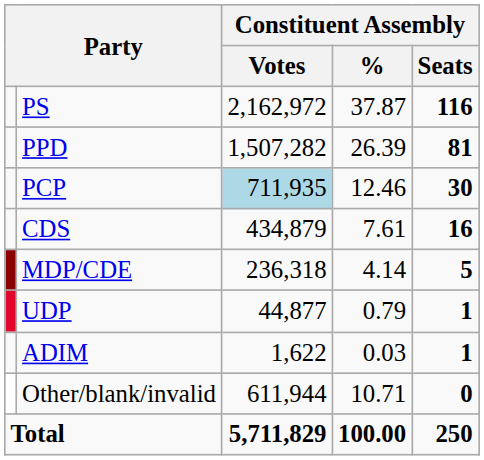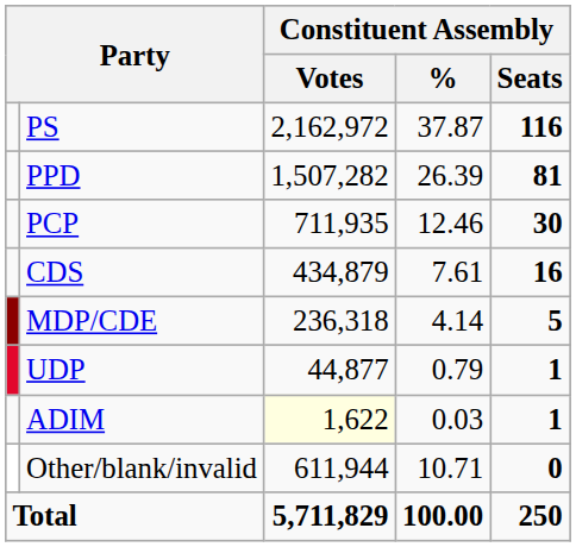 <table class="wikitable" style="text-align:right; font-size:95%;">
 <tr>
 <th colspan="2" rowspan="2">Party</th>
 <th colspan="3">Constituent Assembly</th>
 </tr>
 <tr>
 <th>Votes</th>
 <th>%</th>
 <th>Seats</th>
 </tr>
 <tr>
 <td style="background:"></td>
 <td align="left"><a href='#'>PS</a></td>
 <td>2,162,972</td>
 <td>37.87</td>
 <td><strong>116</strong></td>
 </tr>
 <tr>
 <td style="background:"></td>
 <td align="left"><a href='#'>PPD</a></td>
 <td>1,507,282</td>
 <td>26.39</td>
 <td><strong>81</strong></td>
 </tr>
 <tr>
 <td style="background:"></td>
 <td align="left"><a href='#'>PCP</a></td>
-<td style="background: lightblue;">711,935</td>
+<td>711,935</td>
 <td>12.46</td>
 <td><strong>30</strong></td>
 </tr>
 <tr>
 <td style="background:"></td>
 <td align="left"><a href='#'>CDS</a></td>
 <td>434,879</td>
 <td>7.61</td>
 <td><strong>16</strong></td>
 </tr>
 <tr>
 <td style="background:darkRed;"></td>
 <td align="left"><a href='#'>MDP/CDE</a></td>
 <td>236,318</td>
 <td>4.14</td>
 <td><strong>5</strong></td>
 </tr>
 <tr>
 <td style="background:#E2062C;"></td>
 <td align=left><a href='#'>UDP</a></td>
 <td>44,877</td>
 <td>0.79</td>
 <td><strong>1</strong></td>
 </tr>
 <tr>
 <td style="color:inherit;background:"></td>
 <td align=left><a href='#'>ADIM</a></td>
-<td>1,622</td>
+<td style="background: lightyellow;">1,622</td>
 <td>0.03</td>
 <td><strong>1</strong></td>
 </tr>
 <tr>
 <td style="background:white;"></td>
 <td align="left">Other/blank/invalid</td>
 <td>611,944</td>
 <td>10.71</td>
 <td><strong>0</strong></td>
 </tr>
 <tr style="font-weight:bold">
 <td colspan="2" align="left">Total</td>
 <td>5,711,829</td>
 <td>100.00</td>
 <td>250</td>
 </tr>
 </table>
